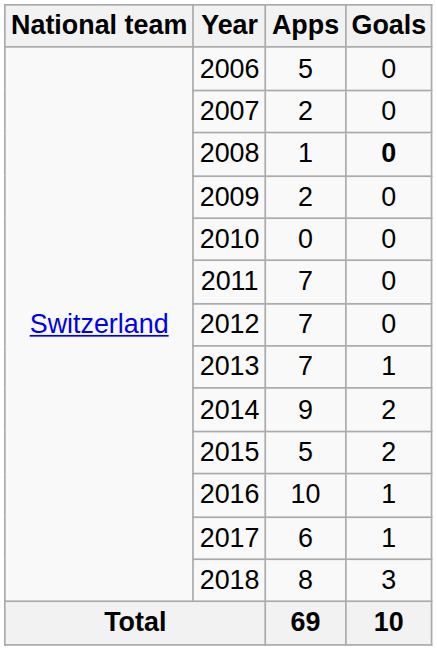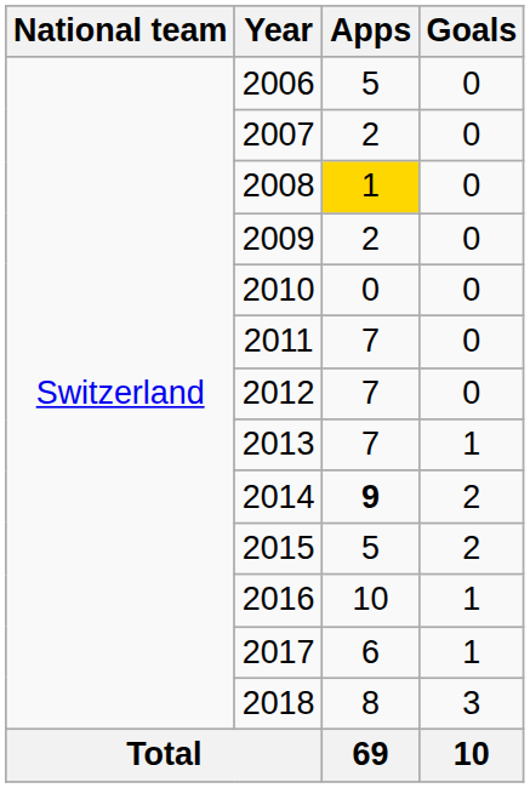 <table class="wikitable" style="text-align:center">
 <tr>
 <th>National team</th>
 <th>Year</th>
 <th>Apps</th>
 <th>Goals</th>
 </tr>
 <tr>
 <td rowspan="13"><a href='#'>Switzerland</a></td>
 <td>2006</td>
 <td>5</td>
 <td>0</td>
 </tr>
 <tr>
 <td>2007</td>
 <td>2</td>
 <td>0</td>
 </tr>
 <tr>
 <td>2008</td>
-<td>1</td>
-<td><strong>0</strong></td>
+<td style="background: gold;">1</td>
+<td>0</td>
 </tr>
 <tr>
 <td>2009</td>
 <td>2</td>
 <td>0</td>
 </tr>
 <tr>
 <td>2010</td>
 <td>0</td>
 <td>0</td>
 </tr>
 <tr>
 <td>2011</td>
 <td>7</td>
 <td>0</td>
 </tr>
 <tr>
 <td>2012</td>
 <td>7</td>
 <td>0</td>
 </tr>
 <tr>
 <td>2013</td>
 <td>7</td>
 <td>1</td>
 </tr>
 <tr>
 <td>2014</td>
-<td>9</td>
+<td><strong>9</strong></td>
 <td>2</td>
 </tr>
 <tr>
 <td>2015</td>
 <td>5</td>
 <td>2</td>
 </tr>
 <tr>
 <td>2016</td>
 <td>10</td>
 <td>1</td>
 </tr>
 <tr>
 <td>2017</td>
 <td>6</td>
 <td>1</td>
 </tr>
 <tr>
 <td>2018</td>
 <td>8</td>
 <td>3</td>
 </tr>
 <tr>
 <th colspan="2">Total</th>
 <th>69</th>
 <th>10</th>
 </tr>
 </table>
